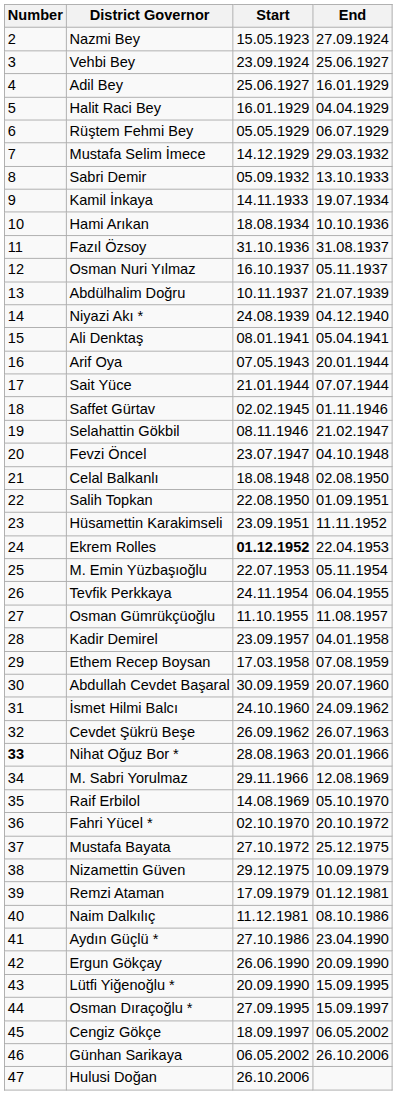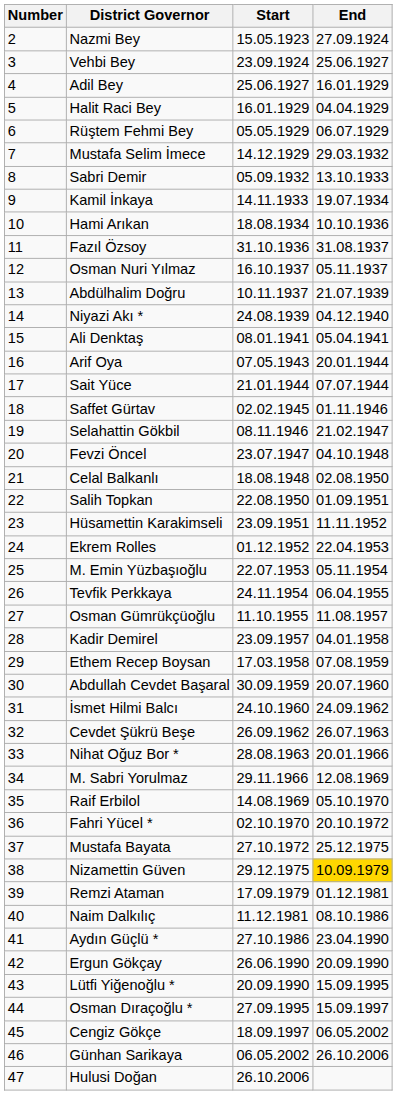 <table class="wikitable">
 <tr>
 <th>Number</th>
 <th>District Governor</th>
 <th>Start</th>
 <th>End</th>
 </tr>
 <tr>
 <td>2</td>
 <td>Nazmi Bey</td>
 <td>15.05.1923</td>
 <td>27.09.1924</td>
 </tr>
 <tr>
 <td>3</td>
 <td>Vehbi Bey</td>
 <td>23.09.1924</td>
 <td>25.06.1927</td>
 </tr>
 <tr>
 <td>4</td>
 <td>Adil Bey</td>
 <td>25.06.1927</td>
 <td>16.01.1929</td>
 </tr>
 <tr>
 <td>5</td>
 <td>Halit Raci Bey</td>
 <td>16.01.1929</td>
 <td>04.04.1929</td>
 </tr>
 <tr>
 <td>6</td>
 <td>Rüştem Fehmi Bey</td>
 <td>05.05.1929</td>
 <td>06.07.1929</td>
 </tr>
 <tr>
 <td>7</td>
 <td>Mustafa Selim İmece</td>
 <td>14.12.1929</td>
 <td>29.03.1932</td>
 </tr>
 <tr>
 <td>8</td>
 <td>Sabri Demir</td>
 <td>05.09.1932</td>
 <td>13.10.1933</td>
 </tr>
 <tr>
 <td>9</td>
 <td>Kamil İnkaya</td>
 <td>14.11.1933</td>
 <td>19.07.1934</td>
 </tr>
 <tr>
 <td>10</td>
 <td>Hami Arıkan</td>
 <td>18.08.1934</td>
 <td>10.10.1936</td>
 </tr>
 <tr>
 <td>11</td>
 <td>Fazıl Özsoy</td>
 <td>31.10.1936</td>
 <td>31.08.1937</td>
 </tr>
 <tr>
 <td>12</td>
 <td>Osman Nuri Yılmaz</td>
 <td>16.10.1937</td>
 <td>05.11.1937</td>
 </tr>
 <tr>
 <td>13</td>
 <td>Abdülhalim Doğru</td>
 <td>10.11.1937</td>
 <td>21.07.1939</td>
 </tr>
 <tr>
 <td>14</td>
 <td>Niyazi Akı *</td>
 <td>24.08.1939</td>
 <td>04.12.1940</td>
 </tr>
 <tr>
 <td>15</td>
 <td>Ali Denktaş</td>
 <td>08.01.1941</td>
 <td>05.04.1941</td>
 </tr>
 <tr>
 <td>16</td>
 <td>Arif Oya</td>
 <td>07.05.1943</td>
 <td>20.01.1944</td>
 </tr>
 <tr>
 <td>17</td>
 <td>Sait Yüce</td>
 <td>21.01.1944</td>
 <td>07.07.1944</td>
 </tr>
 <tr>
 <td>18</td>
 <td>Saffet Gürtav</td>
 <td>02.02.1945</td>
 <td>01.11.1946</td>
 </tr>
 <tr>
 <td>19</td>
 <td>Selahattin Gökbil</td>
 <td>08.11.1946</td>
 <td>21.02.1947</td>
 </tr>
 <tr>
 <td>20</td>
 <td>Fevzi Öncel</td>
 <td>23.07.1947</td>
 <td>04.10.1948</td>
 </tr>
 <tr>
 <td>21</td>
 <td>Celal Balkanlı</td>
 <td>18.08.1948</td>
 <td>02.08.1950</td>
 </tr>
 <tr>
 <td>22</td>
 <td>Salih Topkan</td>
 <td>22.08.1950</td>
 <td>01.09.1951</td>
 </tr>
 <tr>
 <td>23</td>
 <td>Hüsamettin Karakimseli</td>
 <td>23.09.1951</td>
 <td>11.11.1952</td>
 </tr>
 <tr>
 <td>24</td>
 <td>Ekrem Rolles</td>
-<td><strong>01.12.1952</strong></td>
+<td>01.12.1952</td>
 <td>22.04.1953</td>
 </tr>
 <tr>
 <td>25</td>
 <td>M. Emin Yüzbaşıoğlu</td>
 <td>22.07.1953</td>
 <td>05.11.1954</td>
 </tr>
 <tr>
 <td>26</td>
 <td>Tevfik Perkkaya</td>
 <td>24.11.1954</td>
 <td>06.04.1955</td>
 </tr>
 <tr>
 <td>27</td>
 <td>Osman Gümrükçüoğlu</td>
 <td>11.10.1955</td>
 <td>11.08.1957</td>
 </tr>
 <tr>
 <td>28</td>
 <td>Kadir Demirel</td>
 <td>23.09.1957</td>
 <td>04.01.1958</td>
 </tr>
 <tr>
 <td>29</td>
 <td>Ethem Recep Boysan</td>
 <td>17.03.1958</td>
 <td>07.08.1959</td>
 </tr>
 <tr>
 <td>30</td>
 <td>Abdullah Cevdet Başaral</td>
 <td>30.09.1959</td>
 <td>20.07.1960</td>
 </tr>
 <tr>
 <td>31</td>
 <td>İsmet Hilmi Balcı</td>
 <td>24.10.1960</td>
 <td>24.09.1962</td>
 </tr>
 <tr>
 <td>32</td>
 <td>Cevdet Şükrü Beşe</td>
 <td>26.09.1962</td>
 <td>26.07.1963</td>
 </tr>
 <tr>
-<td><strong>33</strong></td>
+<td>33</td>
 <td>Nihat Oğuz Bor *</td>
 <td>28.08.1963</td>
 <td>20.01.1966</td>
 </tr>
 <tr>
 <td>34</td>
 <td>M. Sabri Yorulmaz</td>
 <td>29.11.1966</td>
 <td>12.08.1969</td>
 </tr>
 <tr>
 <td>35</td>
 <td>Raif Erbilol</td>
 <td>14.08.1969</td>
 <td>05.10.1970</td>
 </tr>
 <tr>
 <td>36</td>
 <td>Fahri Yücel *</td>
 <td>02.10.1970</td>
 <td>20.10.1972</td>
 </tr>
 <tr>
 <td>37</td>
 <td>Mustafa Bayata</td>
 <td>27.10.1972</td>
 <td>25.12.1975</td>
 </tr>
 <tr>
 <td>38</td>
 <td>Nizamettin Güven</td>
 <td>29.12.1975</td>
-<td>10.09.1979</td>
+<td style="background: gold;">10.09.1979</td>
 </tr>
 <tr>
 <td>39</td>
 <td>Remzi Ataman</td>
 <td>17.09.1979</td>
 <td>01.12.1981</td>
 </tr>
 <tr>
 <td>40</td>
 <td>Naim Dalkılıç</td>
 <td>11.12.1981</td>
 <td>08.10.1986</td>
 </tr>
 <tr>
 <td>41</td>
 <td>Aydın Güçlü *</td>
 <td>27.10.1986</td>
 <td>23.04.1990</td>
 </tr>
 <tr>
 <td>42</td>
 <td>Ergun Gökçay</td>
 <td>26.06.1990</td>
 <td>20.09.1990</td>
 </tr>
 <tr>
 <td>43</td>
 <td>Lütfi Yiğenoğlu *</td>
 <td>20.09.1990</td>
 <td>15.09.1995</td>
 </tr>
 <tr>
 <td>44</td>
 <td>Osman Dıraçoğlu *</td>
 <td>27.09.1995</td>
 <td>15.09.1997</td>
 </tr>
 <tr>
 <td>45</td>
 <td>Cengiz Gökçe</td>
 <td>18.09.1997</td>
 <td>06.05.2002</td>
 </tr>
 <tr>
 <td>46</td>
 <td>Günhan Sarikaya</td>
 <td>06.05.2002</td>
 <td>26.10.2006</td>
 </tr>
 <tr>
 <td>47</td>
 <td>Hulusi Doğan</td>
 <td>26.10.2006</td>
 <td></td>
 </tr>
 </table>
